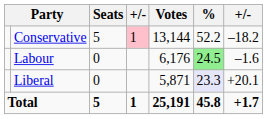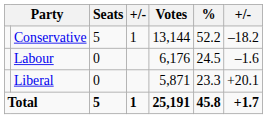 <table class="wikitable sortable">
 <tr>
 <th colspan="2">Party</th>
 <th>Seats</th>
 <th>+/-</th>
 <th>Votes</th>
 <th>%</th>
 <th>+/-</th>
 </tr>
 <tr>
 <td style="background-color: "></td>
 <td><a href='#'>Conservative</a></td>
 <td>5</td>
-<td style="background: pink;"> 1</td>
+<td> 1</td>
 <td style="text-align:right;">13,144</td>
 <td style="text-align:right;">52.2</td>
 <td style="text-align:right;">–18.2</td>
 </tr>
 <tr>
 <td style="background-color: "></td>
 <td><a href='#'>Labour</a></td>
 <td>0</td>
 <td></td>
 <td style="text-align:right;">6,176</td>
-<td style="background: lightgreen; text-align:right;">24.5</td>
+<td style="text-align:right;">24.5</td>
 <td style="text-align:right;">–1.6</td>
 </tr>
 <tr>
 <td style="background-color: "></td>
 <td><a href='#'>Liberal</a></td>
 <td>0</td>
 <td></td>
 <td style="text-align:right;">5,871</td>
-<td style="background: lavender; text-align:right;">23.3</td>
+<td style="text-align:right;">23.3</td>
 <td style="text-align:right;">+20.1</td>
 </tr>
 <tr>
 <td colspan="2"><strong>Total</strong></td>
 <td><strong>5</strong></td>
 <td> <strong>1</strong></td>
 <td style="text-align:right;"><strong>25,191</strong></td>
 <td style="text-align:right;"><strong>45.8</strong></td>
 <td style="text-align:right;"><strong>+1.7</strong></td>
 </tr>
 </table>
